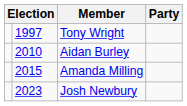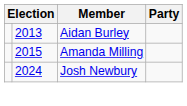 <table class="wikitable">
 <tr>
 <th colspan="2">Election</th>
 <th>Member</th>
 <th>Party</th>
 </tr>
 <tr>
 <td style="color:inherit;background-color: "></td>
-<td><a href='#'>1997</a></td>
-<td><a href='#'>Tony Wright</a></td>
-<td></td>
-</tr>
-<tr>
-<td style="color:inherit;background-color: "></td>
-<td><a href='#'>2010</a></td>
+<td><a href='#'>2013</a></td>
 <td><a href='#'>Aidan Burley</a></td>
 <td></td>
 </tr>
 <tr>
 <td style="color:inherit;background-color: "></td>
 <td><a href='#'>2015</a></td>
 <td><a href='#'>Amanda Milling</a></td>
 <td></td>
 </tr>
 <tr>
 <td style="color:inherit;background-color: "></td>
-<td><a href='#'>2023</a></td>
+<td><a href='#'>2024</a></td>
 <td><a href='#'>Josh Newbury</a></td>
 <td></td>
 </tr>
 </table>
